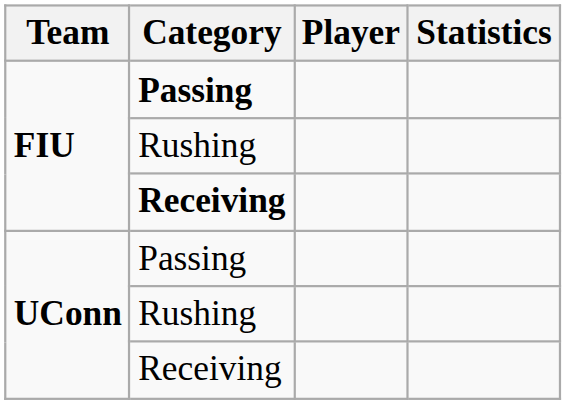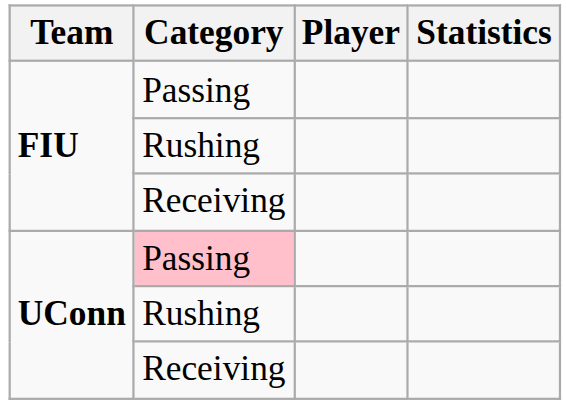 <table class="wikitable" style="float: right;">
 <tr>
 <th>Team</th>
 <th>Category</th>
 <th>Player</th>
 <th>Statistics</th>
 </tr>
 <tr>
 <td rowspan=3><strong>FIU</strong></td>
-<td><strong>Passing</strong></td>
-<td></td>
-<td></td>
-</tr>
-<tr>
-<td>Rushing</td>
-<td></td>
-<td></td>
-</tr>
-<tr>
-<td><strong>Receiving</strong></td>
-<td></td>
-<td></td>
-</tr>
-<tr>
-<td rowspan=3><strong>UConn</strong></td>
 <td>Passing</td>
 <td></td>
 <td></td>
 </tr>
 <tr>
 <td>Rushing</td>
 <td></td>
 <td></td>
 </tr>
 <tr>
 <td>Receiving</td>
 <td></td>
 <td></td>
 </tr>
+<tr>
+<td rowspan=3><strong>UConn</strong></td>
+<td style="background: pink;">Passing</td>
+<td></td>
+<td></td>
+</tr>
+<tr>
+<td>Rushing</td>
+<td></td>
+<td></td>
+</tr>
+<tr>
+<td>Receiving</td>
+<td></td>
+<td></td>
+</tr>
 </table>
